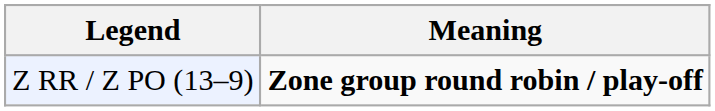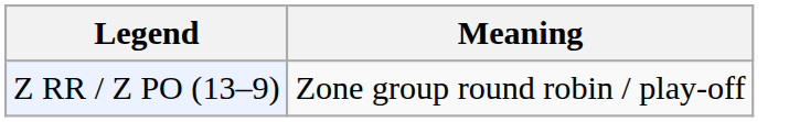 <table class=wikitable style=font-size:90%>
 <tr>
 <th>Legend</th>
 <th>Meaning</th>
 </tr>
 <tr>
 <td bgcolor=ecf2ff>Z RR / Z PO (13–9)</td>
-<td><strong>Zone group round robin / play-off</strong></td>
+<td>Zone group round robin / play-off</td>
 </tr>
 </table>
